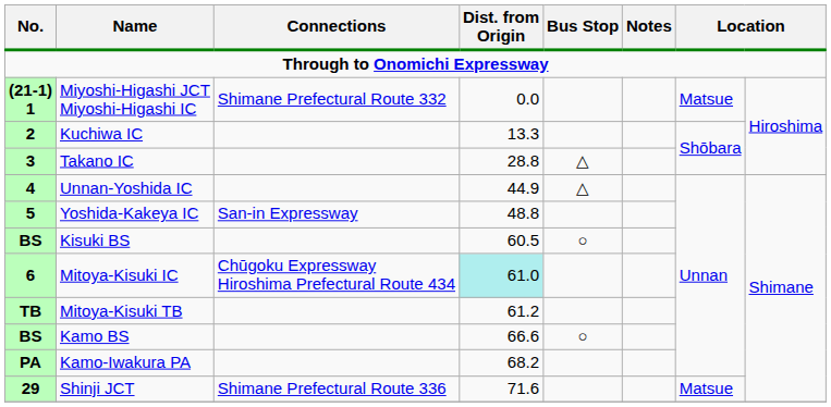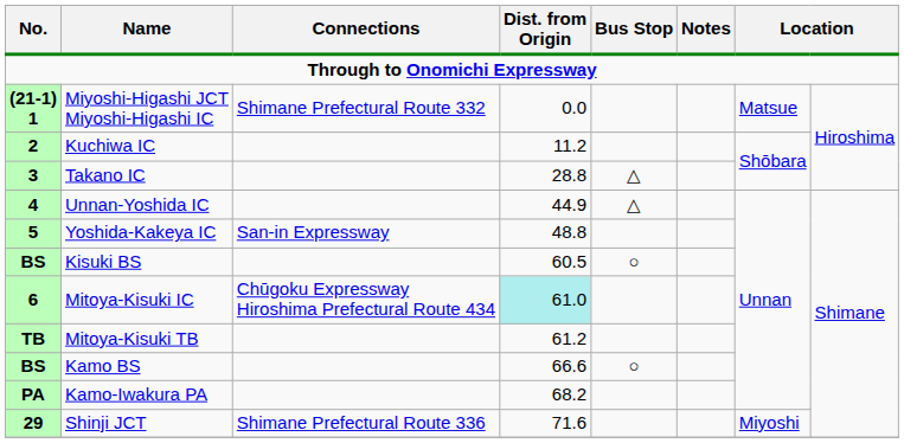 <table table class="wikitable">
 <tr>
 <th style="border-bottom:3px solid green;">No.</th>
 <th style="border-bottom:3px solid green;">Name</th>
 <th style="border-bottom:3px solid green;">Connections</th>
 <th style="border-bottom:3px solid green;">Dist. from<br>Origin</th>
 <th style="border-bottom:3px solid green;">Bus Stop</th>
 <th style="border-bottom:3px solid green;">Notes</th>
 <th colspan="2" style="border-bottom:3px solid green;">Location</th>
 </tr>
 <tr>
 <td colspan="8" style="text-align:center"><strong>Through to  <a href='#'>Onomichi Expressway</a></strong></td>
 </tr>
 <tr>
 <th style="background:#bfb;">(21-1)<br>1</th>
 <td><a href='#'>Miyoshi-Higashi JCT</a><br><a href='#'>Miyoshi-Higashi IC</a></td>
 <td><a href='#'>Shimane Prefectural Route 332</a></td>
 <td style="text-align:right;">0.0</td>
 <td style="text-align:center;"></td>
 <td></td>
 <td><a href='#'>Matsue</a></td>
 <td rowspan="3" style="width:1em;"><a href='#'>Hiroshima</a></td>
 </tr>
 <tr>
 <th style="background-color:#BFB;">2</th>
 <td><a href='#'>Kuchiwa IC</a></td>
 <td></td>
-<td style="text-align:right;">13.3</td>
+<td style="text-align:right;">11.2</td>
 <td style="text-align:center;"></td>
 <td></td>
 <td rowspan="2" style="width:1em;"><a href='#'>Shōbara</a></td>
 </tr>
 <tr>
 <th style="background-color:#BFB;">3</th>
 <td><a href='#'>Takano IC</a></td>
 <td></td>
 <td style="text-align:right;">28.8</td>
 <td style="text-align:center;">△</td>
 <td></td>
 </tr>
 <tr>
 <th style="background-color:#BFB;">4</th>
 <td><a href='#'>Unnan-Yoshida IC</a></td>
 <td></td>
 <td style="text-align:right;">44.9</td>
 <td style="text-align:center;">△</td>
 <td></td>
 <td rowspan="7" style="width:1em;"><a href='#'>Unnan</a></td>
 <td rowspan="8" style="width:1em;"><a href='#'>Shimane</a></td>
 </tr>
 <tr>
 <th style="background-color:#BFB;">5</th>
 <td><a href='#'>Yoshida-Kakeya IC</a></td>
 <td> <a href='#'>San-in Expressway</a></td>
 <td style="text-align:right;">48.8</td>
 <td style="text-align:center;"></td>
 <td></td>
 </tr>
 <tr>
 <th style="background:#bfb;">BS</th>
 <td><a href='#'>Kisuki BS</a></td>
 <td></td>
 <td style="text-align:right;">60.5</td>
 <td style="text-align:center;">○</td>
 <td></td>
 </tr>
 <tr>
 <th style="background-color:#BFB;">6</th>
 <td><a href='#'>Mitoya-Kisuki IC</a></td>
 <td> <a href='#'>Chūgoku Expressway</a><br><a href='#'>Hiroshima Prefectural Route 434</a></td>
 <td style="background: paleturquoise; text-align:right;">61.0</td>
 <td style="text-align:center;"></td>
 <td></td>
 </tr>
 <tr>
 <th style="background:#bfb;">TB</th>
 <td><a href='#'>Mitoya-Kisuki TB</a></td>
 <td></td>
 <td style="text-align:right;">61.2</td>
 <td style="text-align:center;"></td>
 <td></td>
 </tr>
 <tr>
 <th style="background:#bfb;">BS</th>
 <td><a href='#'>Kamo BS</a></td>
 <td></td>
 <td style="text-align:right;">66.6</td>
 <td style="text-align:center;">○</td>
 <td></td>
 </tr>
 <tr>
 <th style="background:#bfb;">PA</th>
 <td><a href='#'>Kamo-Iwakura PA</a></td>
 <td></td>
 <td style="text-align:right;">68.2</td>
 <td style="text-align:center;"></td>
 <td></td>
 </tr>
 <tr>
 <th style="background:#bfb;">29</th>
 <td><a href='#'>Shinji JCT</a></td>
 <td><a href='#'>Shimane Prefectural Route 336</a></td>
 <td style="text-align:right;">71.6</td>
 <td style="text-align:center;"></td>
 <td></td>
-<td><a href='#'>Matsue</a></td>
+<td><a href='#'>Miyoshi</a></td>
 </tr>
 <tr>
 </tr>
 </table>
